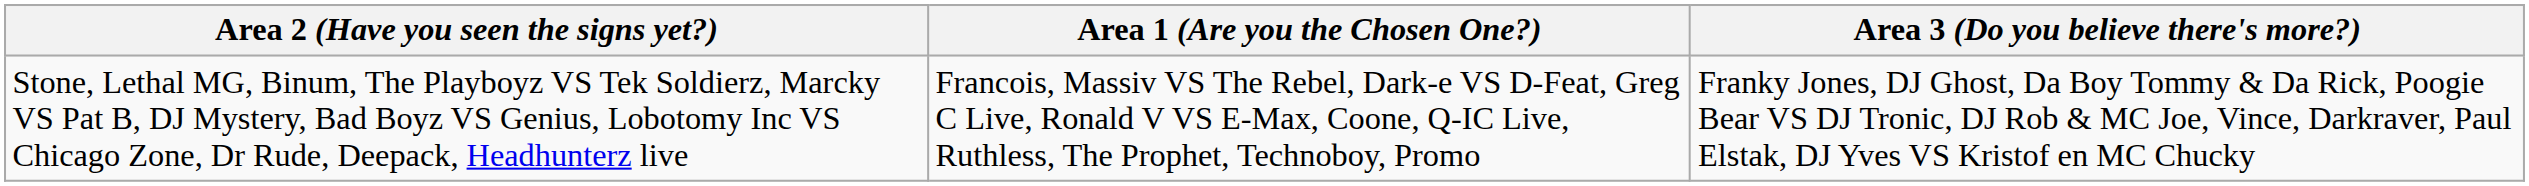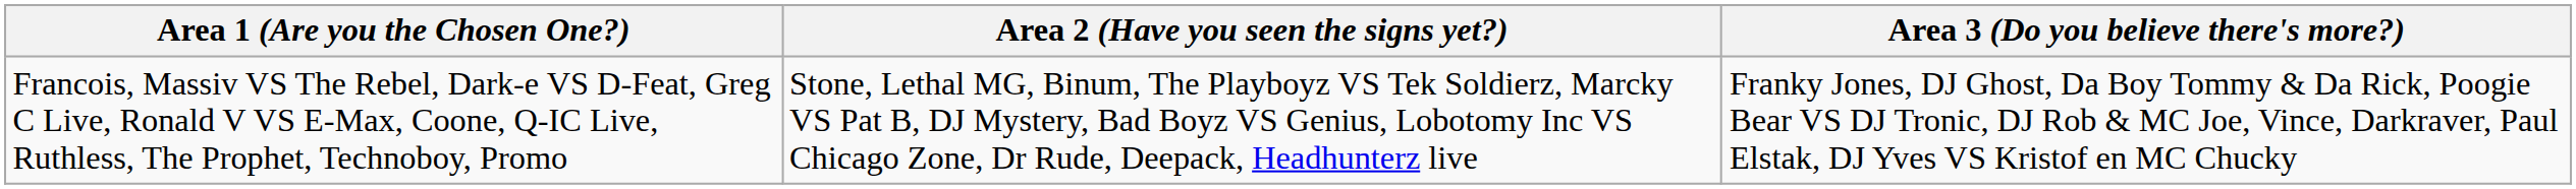 <table class="wikitable">
 <tr>
+<th><strong>Area 1</strong> <em>(Are you the Chosen One?)</em></th>
 <th><strong>Area 2</strong> <em>(Have you seen the signs yet?)</em></th>
-<th><strong>Area 1</strong> <em>(Are you the Chosen One?)</em></th>
 <th><strong>Area 3</strong> <em>(Do you believe there's more?)</em></th>
 </tr>
 <tr>
+<td>Francois, Massiv VS The Rebel, Dark-e VS D-Feat, Greg C Live, Ronald V VS E-Max, Coone, Q-IC Live, Ruthless, The Prophet, Technoboy, Promo</td>
 <td>Stone, Lethal MG, Binum, The Playboyz VS Tek Soldierz, Marcky VS Pat B, DJ Mystery, Bad Boyz VS Genius, Lobotomy Inc VS Chicago Zone, Dr Rude, Deepack, <a href='#'>Headhunterz</a> live</td>
-<td>Francois, Massiv VS The Rebel, Dark-e VS D-Feat, Greg C Live, Ronald V VS E-Max, Coone, Q-IC Live, Ruthless, The Prophet, Technoboy, Promo</td>
 <td>Franky Jones, DJ Ghost, Da Boy Tommy & Da Rick, Poogie Bear VS DJ Tronic, DJ Rob & MC Joe, Vince, Darkraver, Paul Elstak, DJ Yves VS Kristof en MC Chucky</td>
 </tr>
 </table>
